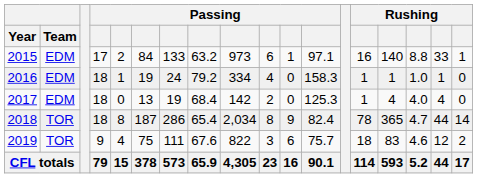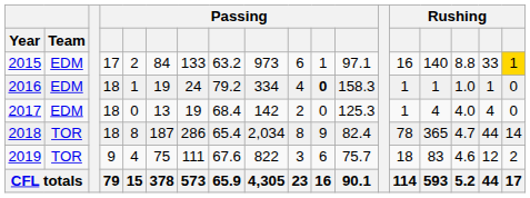 <table class="wikitable" style="text-align:center">
 <tr bgcolor="#e0e0e0">
 <th colspan="2"></th>
 <th rowspan="99" bgcolor="#ffffff"> </th>
 <th colspan="9">Passing</th>
 <th rowspan="99" bgcolor="#ffffff"> </th>
 <th colspan="6">Rushing</th>
 </tr>
 <tr bgcolor="#e0e0e0">
 <th>Year</th>
 <th>Team</th>
 <th></th>
 <th></th>
 <th></th>
 <th></th>
 <th></th>
 <th></th>
 <th></th>
 <th></th>
 <th></th>
 <th></th>
 <th></th>
 <th></th>
 <th></th>
 <th></th>
 </tr>
 <tr ALIGN="center">
 <td><a href='#'>2015</a></td>
 <td><a href='#'>EDM</a></td>
 <td>17</td>
 <td>2</td>
 <td>84</td>
 <td>133</td>
 <td>63.2</td>
 <td>973</td>
 <td>6</td>
 <td>1</td>
 <td>97.1</td>
 <td>16</td>
 <td>140</td>
 <td>8.8</td>
 <td>33</td>
-<td>1</td>
+<td style="background: gold;">1</td>
 </tr>
 <tr ALIGN="center" bgcolor="#f0f0f0">
 <td><a href='#'>2016</a></td>
 <td><a href='#'>EDM</a></td>
 <td>18</td>
 <td>1</td>
 <td>19</td>
 <td>24</td>
 <td>79.2</td>
 <td>334</td>
 <td>4</td>
-<td>0</td>
+<td><strong>0</strong></td>
 <td>158.3</td>
 <td>1</td>
 <td>1</td>
 <td>1.0</td>
 <td>1</td>
 <td>0</td>
 </tr>
 <tr ALIGN="center">
 <td><a href='#'>2017</a></td>
 <td><a href='#'>EDM</a></td>
 <td>18</td>
 <td>0</td>
 <td>13</td>
 <td>19</td>
 <td>68.4</td>
 <td>142</td>
 <td>2</td>
 <td>0</td>
 <td>125.3</td>
 <td>1</td>
 <td>4</td>
 <td>4.0</td>
 <td>4</td>
 <td>0</td>
 </tr>
 <tr ALIGN="center" bgcolor="#f0f0f0">
 <td><a href='#'>2018</a></td>
 <td><a href='#'>TOR</a></td>
 <td>18</td>
 <td>8</td>
 <td>187</td>
 <td>286</td>
 <td>65.4</td>
 <td>2,034</td>
 <td>8</td>
 <td>9</td>
 <td>82.4</td>
 <td>78</td>
 <td>365</td>
 <td>4.7</td>
 <td>44</td>
 <td>14</td>
 </tr>
 <tr ALIGN="center">
 <td><a href='#'>2019</a></td>
 <td><a href='#'>TOR</a></td>
 <td>9</td>
 <td>4</td>
 <td>75</td>
 <td>111</td>
 <td>67.6</td>
 <td>822</td>
 <td>3</td>
 <td>6</td>
 <td>75.7</td>
 <td>18</td>
 <td>83</td>
 <td>4.6</td>
 <td>12</td>
 <td>2</td>
 </tr>
 <tr bgcolor="#e0e0e0">
 <th colspan="2"><a href='#'>CFL</a> totals</th>
 <th>79</th>
 <th>15</th>
 <th>378</th>
 <th>573</th>
 <th>65.9</th>
 <th>4,305</th>
 <th>23</th>
 <th>16</th>
 <th>90.1</th>
 <th>114</th>
 <th>593</th>
 <th>5.2</th>
 <th>44</th>
 <th>17</th>
 </tr>
 </table>
